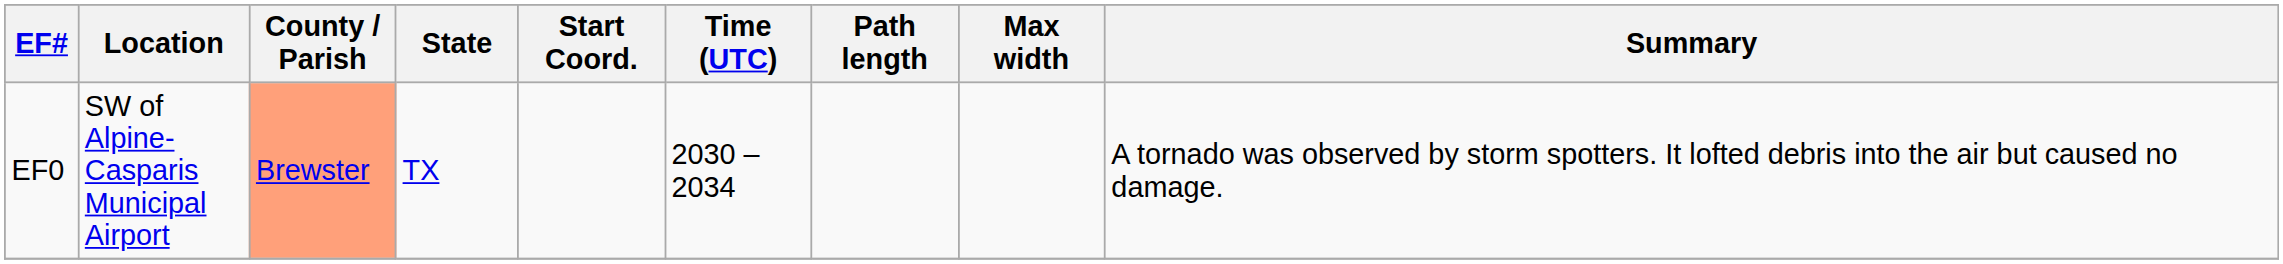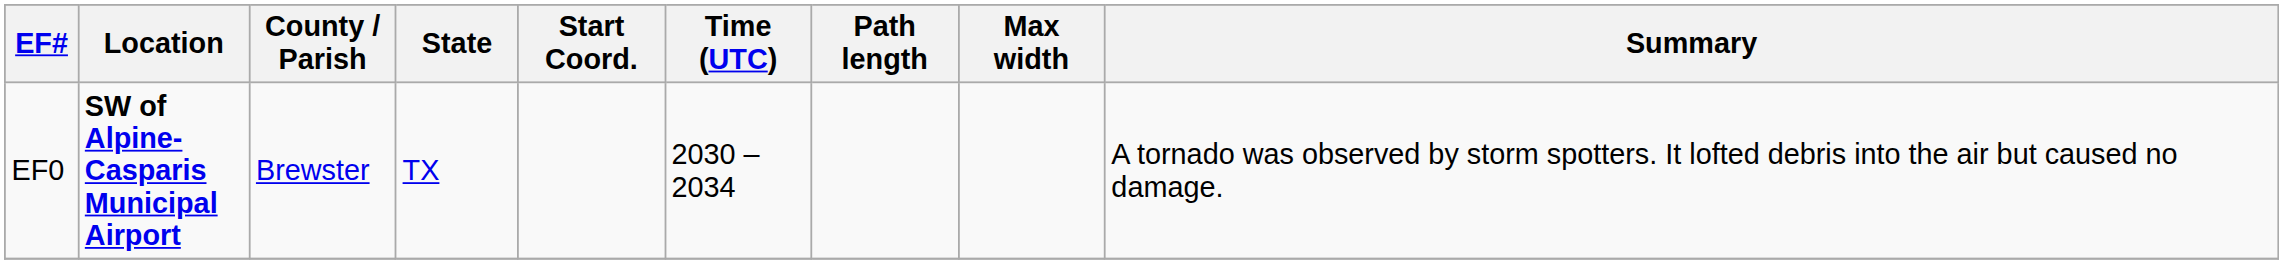 <table class="wikitable sortable" style="width:100%;">
 <tr>
 <th scope="col"  style="width:3%; text-align:center;"><a href='#'>EF#</a></th>
 <th scope="col"  style="width:7%; text-align:center;" class="unsortable">Location</th>
 <th scope="col"  style="width:6%; text-align:center;" class="unsortable">County / Parish</th>
 <th scope="col"  style="width:5%; text-align:center;">State</th>
 <th scope="col"  style="width:6%; text-align:center;">Start Coord.</th>
 <th scope="col"  style="width:6%; text-align:center;">Time (<a href='#'>UTC</a>)</th>
 <th scope="col"  style="width:6%; text-align:center;">Path length</th>
 <th scope="col"  style="width:6%; text-align:center;">Max width</th>
 <th scope="col" class="unsortable" style="width:48%; text-align:center;">Summary</th>
 </tr>
 <tr>
 <td>EF0</td>
-<td>SW of <a href='#'>Alpine-Casparis Municipal Airport</a></td>
-<td style="background: lightsalmon;"><a href='#'>Brewster</a></td>
+<td><strong>SW of <a href='#'>Alpine-Casparis Municipal Airport</a></strong></td>
+<td><a href='#'>Brewster</a></td>
 <td><a href='#'>TX</a></td>
 <td></td>
 <td>2030 – 2034</td>
 <td></td>
 <td></td>
 <td>A tornado was observed by storm spotters. It lofted debris into the air but caused no damage.</td>
 </tr>
 <tr>
 </tr>
 </table>
